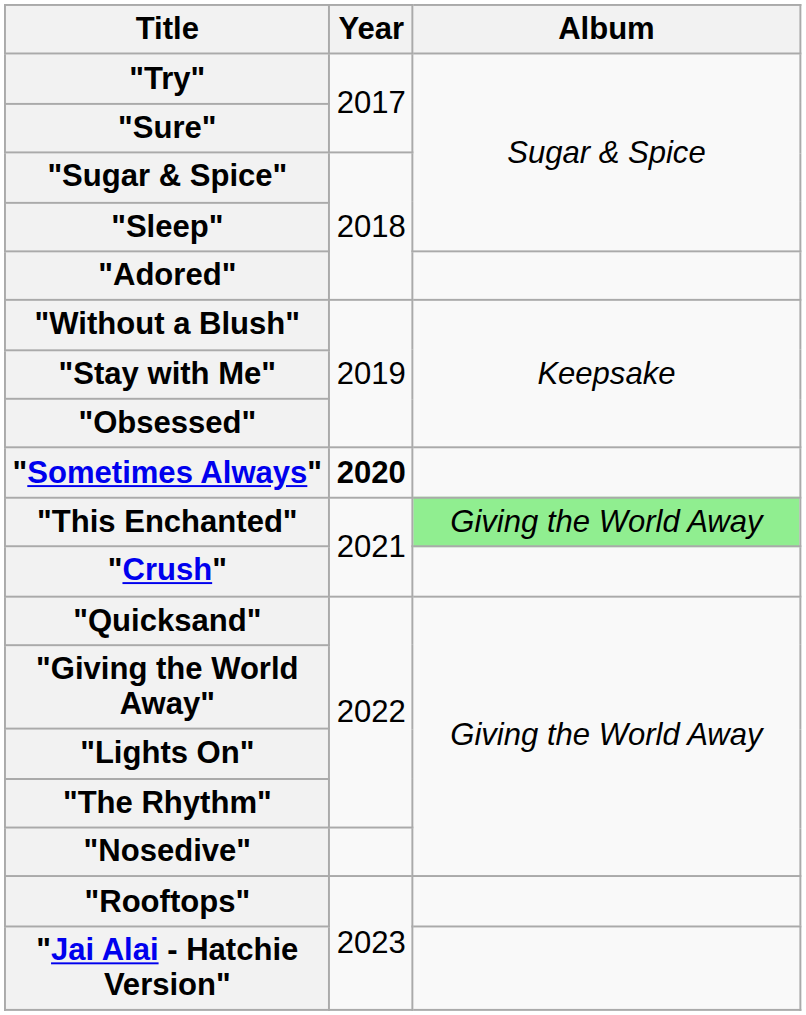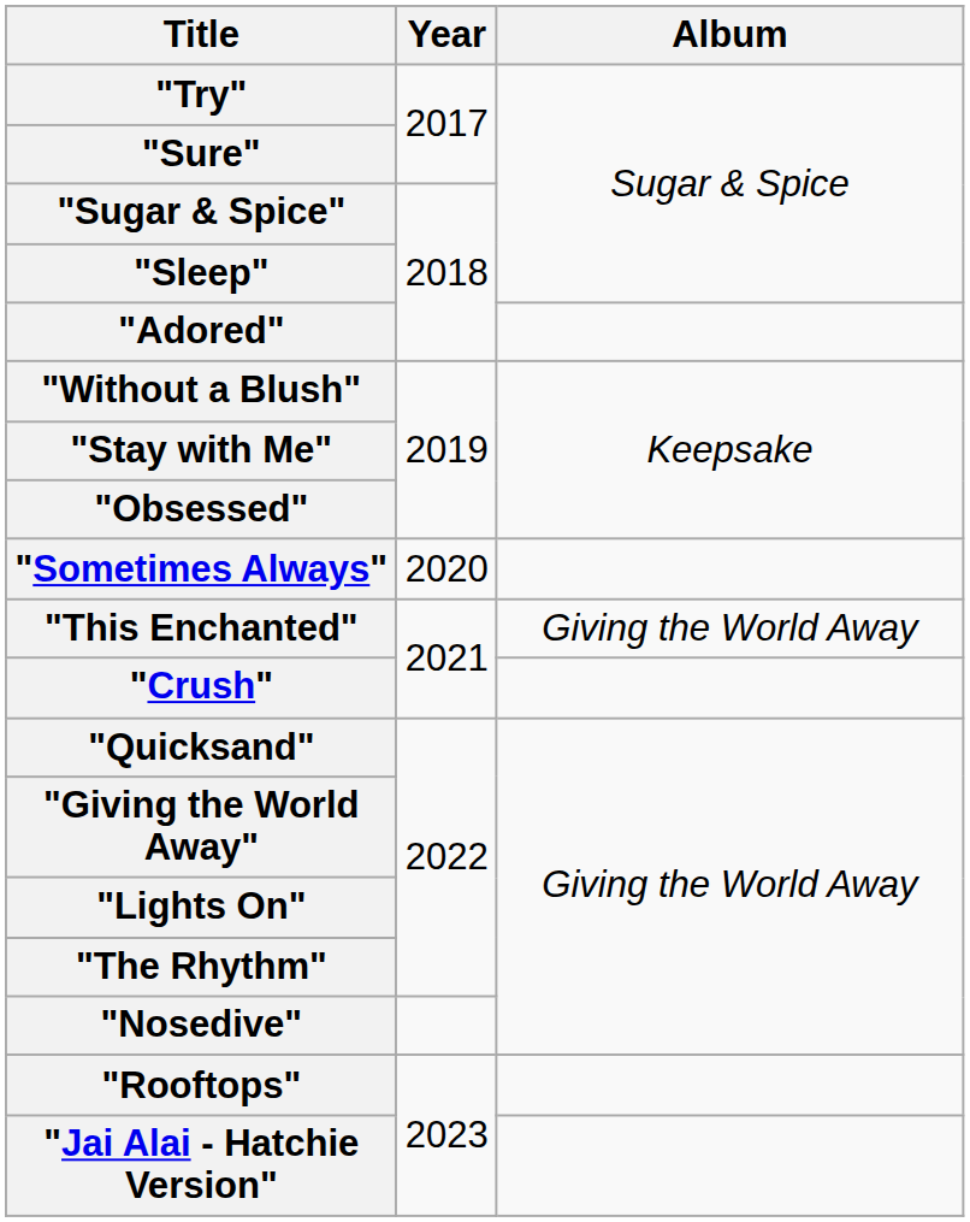 <table class="wikitable plainrowheaders" style="text-align:center">
 <tr>
 <th scope="col" style="width:10em;">Title</th>
 <th scope="col" style="width:1em;">Year</th>
 <th scope="col" style="width:12em;">Album</th>
 </tr>
 <tr>
 <th scope="row">"Try"</th>
 <td rowspan="2">2017</td>
 <td rowspan="4"><em>Sugar & Spice</em></td>
 </tr>
 <tr>
 <th scope="row">"Sure"</th>
 </tr>
 <tr>
 <th scope="row">"Sugar & Spice"</th>
 <td rowspan="3">2018</td>
 </tr>
 <tr>
 <th scope="row">"Sleep"</th>
 </tr>
 <tr>
 <th scope="row">"Adored"</th>
 <td></td>
 </tr>
 <tr>
 <th scope="row">"Without a Blush"</th>
 <td rowspan="3">2019</td>
 <td rowspan="3"><em>Keepsake</em></td>
 </tr>
 <tr>
 <th scope="row">"Stay with Me"</th>
 </tr>
 <tr>
 <th scope="row">"Obsessed"</th>
 </tr>
 <tr>
 <th scope="row">"<a href='#'>Sometimes Always</a>"<br></th>
-<td scope="row"><strong>2020</strong></td>
+<td scope="row">2020</td>
 <td></td>
 </tr>
 <tr>
 <th scope="row">"This Enchanted"</th>
 <td rowspan="2">2021</td>
-<td style="background: lightgreen;"><em>Giving the World Away</em></td>
+<td><em>Giving the World Away</em></td>
 </tr>
 <tr>
 <th scope="row">"<a href='#'>Crush</a>"</th>
 <td></td>
 </tr>
 <tr>
 <th scope="row">"Quicksand"</th>
 <td rowspan="5">2022</td>
 <td rowspan="6"><em>Giving the World Away</em></td>
 </tr>
 <tr>
 <th scope="row">"Giving the World Away"</th>
 </tr>
 <tr>
 <th scope="row">"Lights On"</th>
 </tr>
 <tr>
 </tr>
 <tr>
 <th scope="row">"The Rhythm"</th>
 </tr>
 <tr>
 <th scope="row">"Nosedive"</th>
 </tr>
 <tr>
 <th scope="row">"Rooftops"<br></th>
 <td rowspan="2">2023</td>
 </tr>
 <tr>
 <th scope="row">"<a href='#'>Jai Alai</a> - Hatchie Version"<br></th>
 <td></td>
 </tr>
 </table>
